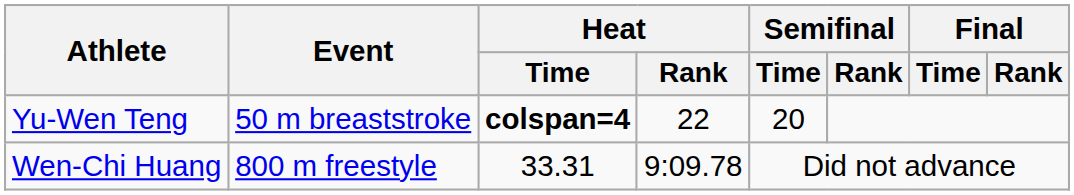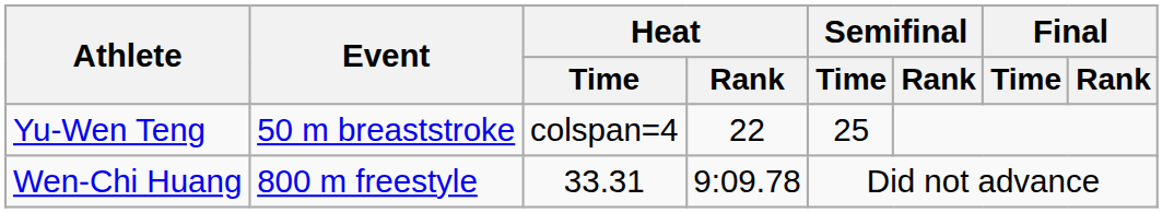 <table class=wikitable style="font-size:90%">
 <tr>
 <th rowspan=2>Athlete</th>
 <th rowspan=2>Event</th>
 <th colspan="2">Heat</th>
 <th colspan="2">Semifinal</th>
 <th colspan="2">Final</th>
 </tr>
 <tr style="font-size:95%">
 <th>Time</th>
 <th>Rank</th>
 <th>Time</th>
 <th>Rank</th>
 <th>Time</th>
 <th>Rank</th>
 </tr>
 <tr align=center>
 <td align=left><a href='#'>Yu-Wen Teng</a></td>
 <td align=left><a href='#'>50 m breaststroke</a></td>
-<td><strong>colspan=4 </strong></td>
+<td>colspan=4 </td>
 <td>22</td>
-<td>20</td>
+<td>25</td>
 </tr>
 <tr align=center>
 <td align=left><a href='#'>Wen-Chi Huang</a></td>
 <td align=left><a href='#'>800 m freestyle</a></td>
 <td>33.31</td>
 <td>9:09.78</td>
 <td colspan=4>Did not advance</td>
 </tr>
 </table>
